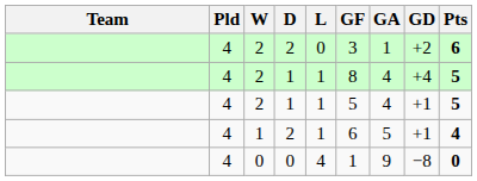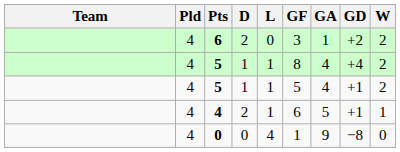 <table class="wikitable" style="text-align: center;">
 <tr>
 <th width=175>Team</th>
 <th width=20>Pld</th>
-<th width=20>W</th>
+<th width=20>Pts</th>
 <th width=20>D</th>
 <th width=20>L</th>
 <th width=20>GF</th>
 <th width=20>GA</th>
 <th width=20>GD</th>
-<th width=20>Pts</th>
+<th width=20>W</th>
 </tr>
 <tr bgcolor=ccffcc>
 <td style="text-align:left;"></td>
 <td>4</td>
-<td>2</td>
+<td><strong>6</strong></td>
 <td>2</td>
 <td>0</td>
 <td>3</td>
 <td>1</td>
 <td>+2</td>
-<td><strong>6</strong></td>
+<td>2</td>
 </tr>
 <tr bgcolor=ccffcc>
 <td style="text-align:left;"></td>
 <td>4</td>
-<td>2</td>
+<td><strong>5</strong></td>
 <td>1</td>
 <td>1</td>
 <td>8</td>
 <td>4</td>
 <td>+4</td>
-<td><strong>5</strong></td>
+<td>2</td>
 </tr>
 <tr>
 <td style="text-align:left;"></td>
 <td>4</td>
-<td>2</td>
+<td><strong>5</strong></td>
 <td>1</td>
 <td>1</td>
 <td>5</td>
 <td>4</td>
 <td>+1</td>
-<td><strong>5</strong></td>
+<td>2</td>
 </tr>
 <tr>
 <td style="text-align:left;"></td>
 <td>4</td>
-<td>1</td>
+<td><strong>4</strong></td>
 <td>2</td>
 <td>1</td>
 <td>6</td>
 <td>5</td>
 <td>+1</td>
-<td><strong>4</strong></td>
+<td>1</td>
 </tr>
 <tr>
 <td style="text-align:left;"></td>
 <td>4</td>
-<td>0</td>
+<td><strong>0</strong></td>
 <td>0</td>
 <td>4</td>
 <td>1</td>
 <td>9</td>
 <td>−8</td>
-<td><strong>0</strong></td>
+<td>0</td>
 </tr>
 </table>
